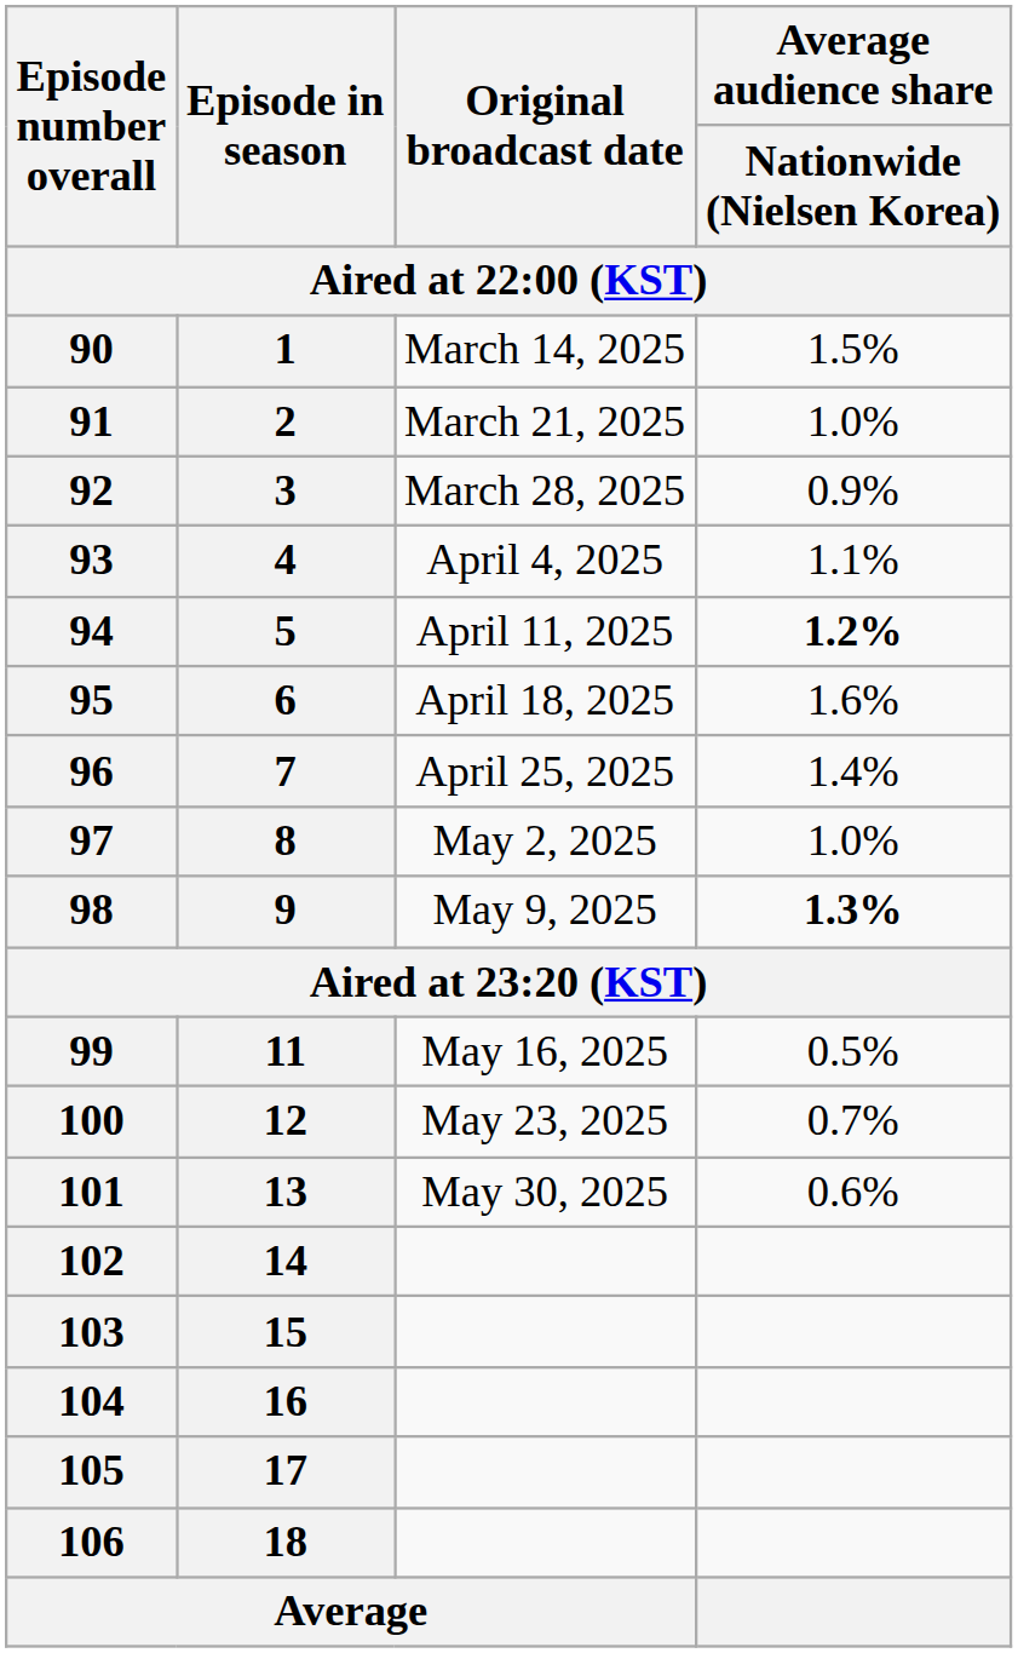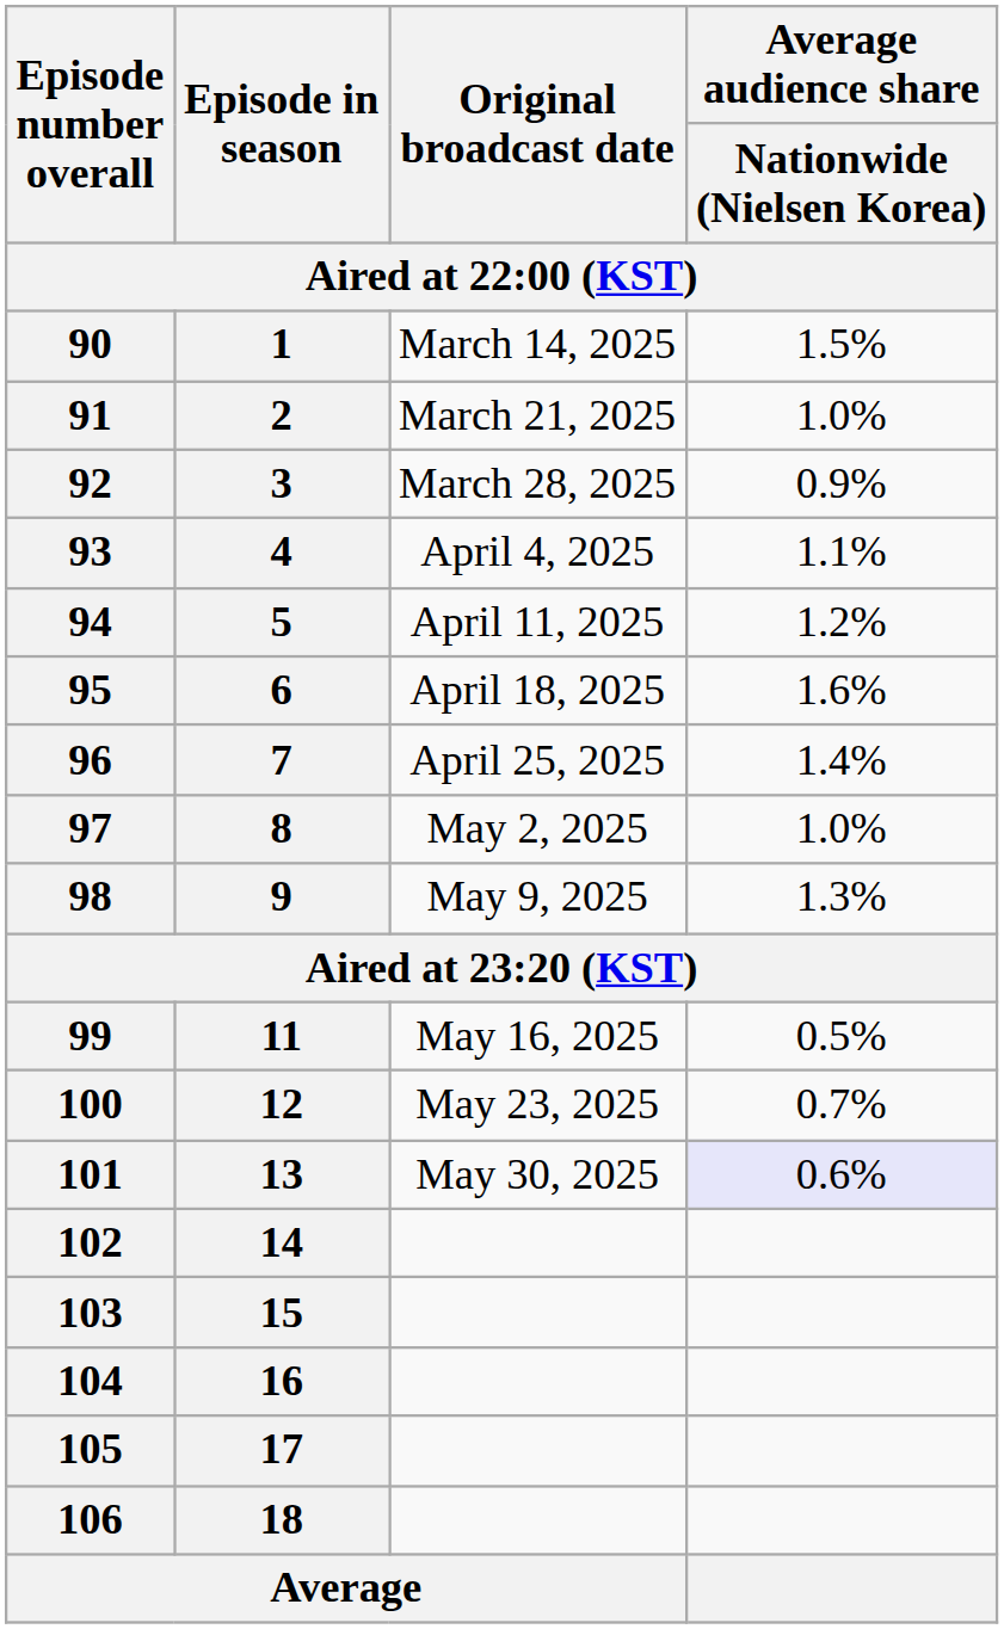 <table class="wikitable" style="text-align:center">
 <tr>
 <th rowspan="2">Episode<br>number<br>overall</th>
 <th rowspan="2">Episode in<br>season</th>
 <th rowspan="2">Original<br>broadcast date</th>
 <th>Average<br>audience share</th>
 </tr>
 <tr>
 <th>Nationwide<br>(Nielsen Korea)</th>
 </tr>
 <tr>
 <th colspan="4">Aired at 22:00 (<a href='#'>KST</a>)</th>
 </tr>
 <tr>
 <th>90</th>
 <th>1</th>
 <td>March 14, 2025</td>
 <td>1.5%</td>
 </tr>
 <tr>
 <th>91</th>
 <th>2</th>
 <td>March 21, 2025</td>
 <td>1.0%</td>
 </tr>
 <tr>
 <th>92</th>
 <th>3</th>
 <td>March 28, 2025</td>
 <td>0.9%</td>
 </tr>
 <tr>
 <th>93</th>
 <th>4</th>
 <td>April 4, 2025</td>
 <td>1.1%</td>
 </tr>
 <tr>
 <th>94</th>
 <th>5</th>
 <td>April 11, 2025</td>
-<td><strong>1.2%</strong></td>
+<td>1.2%</td>
 </tr>
 <tr>
 <th>95</th>
 <th>6</th>
 <td>April 18, 2025</td>
 <td>1.6%</td>
 </tr>
 <tr>
 <th>96</th>
 <th>7</th>
 <td>April 25, 2025</td>
 <td>1.4%</td>
 </tr>
 <tr>
 <th>97</th>
 <th>8</th>
 <td>May 2, 2025</td>
 <td>1.0%</td>
 </tr>
 <tr>
 <th>98</th>
 <th>9</th>
 <td>May 9, 2025</td>
-<td><strong>1.3%</strong></td>
+<td>1.3%</td>
 </tr>
 <tr>
 <th colspan="4">Aired at 23:20 (<a href='#'>KST</a>)</th>
 </tr>
 <tr>
 <th>99</th>
 <th>11</th>
 <td>May 16, 2025</td>
 <td>0.5%</td>
 </tr>
 <tr>
 <th>100</th>
 <th>12</th>
 <td>May 23, 2025</td>
 <td>0.7%</td>
 </tr>
 <tr>
 <th>101</th>
 <th>13</th>
 <td>May 30, 2025</td>
-<td>0.6%</td>
+<td style="background: lavender;">0.6%</td>
 </tr>
 <tr>
 <th>102</th>
 <th>14</th>
 <td></td>
 <td></td>
 </tr>
 <tr>
 <th>103</th>
 <th>15</th>
 <td></td>
 <td></td>
 </tr>
 <tr>
 <th>104</th>
 <th>16</th>
 <td></td>
 <td></td>
 </tr>
 <tr>
 <th>105</th>
 <th>17</th>
 <td></td>
 <td></td>
 </tr>
 <tr>
 <th>106</th>
 <th>18</th>
 <td></td>
 <td></td>
 </tr>
 <tr>
 <th colspan="3">Average</th>
 <th></th>
 </tr>
 </table>
